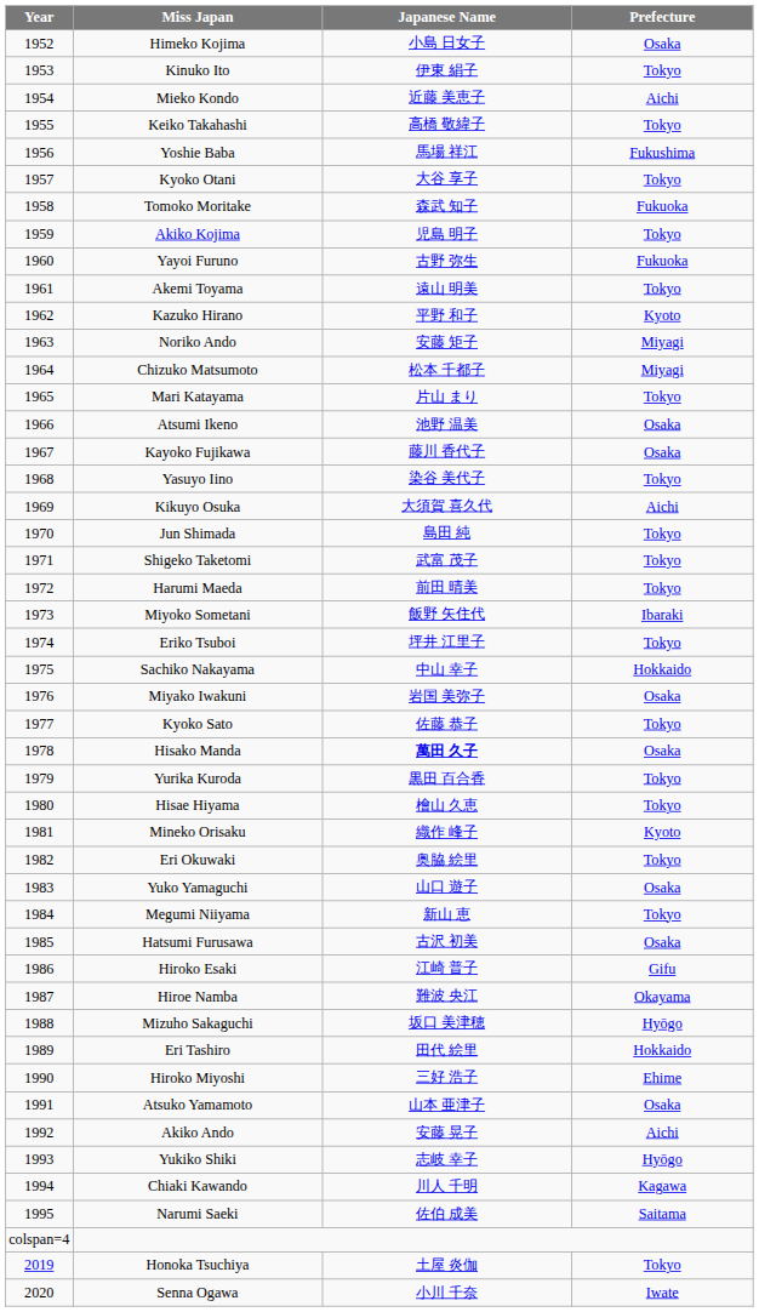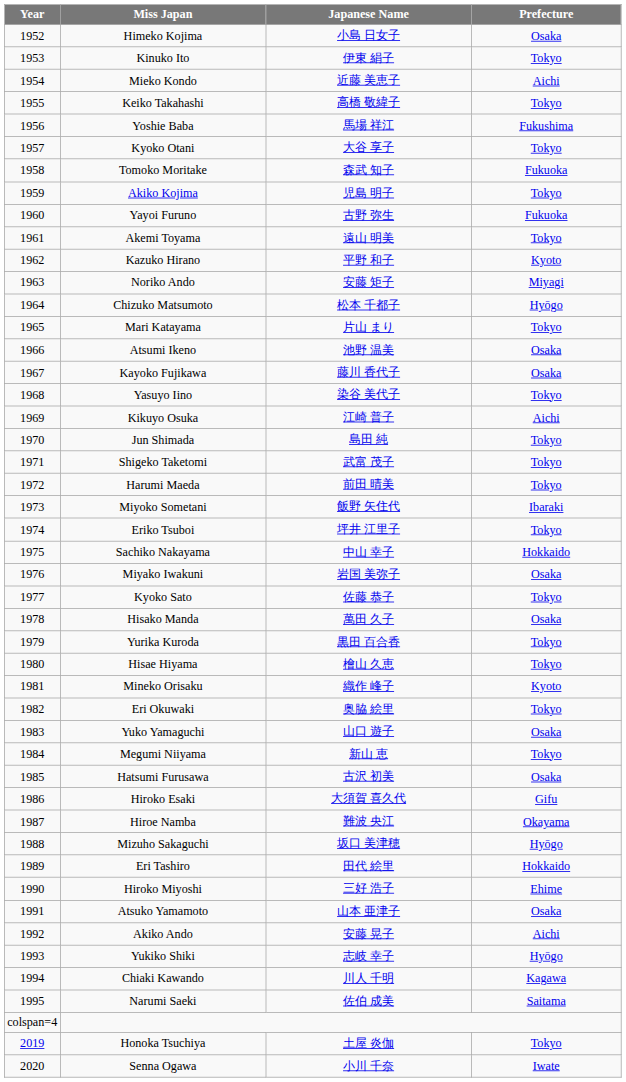 <table class="wikitable sortable" style="font-size: 95%; text-align:center">
 <tr>
 <th width="60" style="background-color:#787878;color:#FFFFFF;">Year</th>
 <th width="250" style="background-color:#787878;color:#FFFFFF;">Miss Japan</th>
 <th width="250" style="background-color:#787878;color:#FFFFFF;">Japanese Name</th>
 <th width="180" style="background-color:#787878;color:#FFFFFF;">Prefecture</th>
 </tr>
 <tr>
 <td>1952</td>
 <td>Himeko Kojima</td>
 <td><a href='#'>小島 日女子</a></td>
 <td><a href='#'>Osaka</a></td>
 </tr>
 <tr>
 <td>1953</td>
 <td>Kinuko Ito</td>
 <td><a href='#'>伊東 絹子</a></td>
 <td><a href='#'>Tokyo</a></td>
 </tr>
 <tr>
 <td>1954</td>
 <td>Mieko Kondo</td>
 <td><a href='#'>近藤 美恵子</a></td>
 <td><a href='#'>Aichi</a></td>
 </tr>
 <tr>
 <td>1955</td>
 <td>Keiko Takahashi</td>
 <td><a href='#'>高橋 敬緯子</a></td>
 <td><a href='#'>Tokyo</a></td>
 </tr>
 <tr>
 <td>1956</td>
 <td>Yoshie Baba</td>
 <td><a href='#'>馬場 祥江</a></td>
 <td><a href='#'>Fukushima</a></td>
 </tr>
 <tr>
 <td>1957</td>
 <td>Kyoko Otani</td>
 <td><a href='#'>大谷 享子</a></td>
 <td><a href='#'>Tokyo</a></td>
 </tr>
 <tr>
 <td>1958</td>
 <td>Tomoko Moritake</td>
 <td><a href='#'>森武 知子</a></td>
 <td><a href='#'>Fukuoka</a></td>
 </tr>
 <tr>
 <td>1959</td>
 <td><a href='#'>Akiko Kojima</a></td>
 <td><a href='#'>児島 明子</a></td>
 <td><a href='#'>Tokyo</a></td>
 </tr>
 <tr>
 <td>1960</td>
 <td>Yayoi Furuno</td>
 <td><a href='#'>古野 弥生</a></td>
 <td><a href='#'>Fukuoka</a></td>
 </tr>
 <tr>
 <td>1961</td>
 <td>Akemi Toyama</td>
 <td><a href='#'>遠山 明美</a></td>
 <td><a href='#'>Tokyo</a></td>
 </tr>
 <tr>
 <td>1962</td>
 <td>Kazuko Hirano</td>
 <td><a href='#'>平野 和子</a></td>
 <td><a href='#'>Kyoto</a></td>
 </tr>
 <tr>
 <td>1963</td>
 <td>Noriko Ando</td>
 <td><a href='#'>安藤 矩子</a></td>
 <td><a href='#'>Miyagi</a></td>
 </tr>
 <tr>
 <td>1964</td>
 <td>Chizuko Matsumoto</td>
 <td><a href='#'>松本 千都子</a></td>
-<td><a href='#'>Miyagi</a></td>
+<td><a href='#'>Hyōgo</a></td>
 </tr>
 <tr>
 <td>1965</td>
 <td>Mari Katayama</td>
 <td><a href='#'>片山 まり</a></td>
 <td><a href='#'>Tokyo</a></td>
 </tr>
 <tr>
 <td>1966</td>
 <td>Atsumi Ikeno</td>
 <td><a href='#'>池野 温美</a></td>
 <td><a href='#'>Osaka</a></td>
 </tr>
 <tr>
 <td>1967</td>
 <td>Kayoko Fujikawa</td>
 <td><a href='#'>藤川 香代子</a></td>
 <td><a href='#'>Osaka</a></td>
 </tr>
 <tr>
 <td>1968</td>
 <td>Yasuyo Iino</td>
 <td><a href='#'>染谷 美代子</a></td>
 <td><a href='#'>Tokyo</a></td>
 </tr>
 <tr>
 <td>1969</td>
 <td>Kikuyo Osuka</td>
-<td><a href='#'>大須賀 喜久代</a></td>
+<td><a href='#'>江崎 普子</a></td>
 <td><a href='#'>Aichi</a></td>
 </tr>
 <tr>
 <td>1970</td>
 <td>Jun Shimada</td>
 <td><a href='#'>島田 純</a></td>
 <td><a href='#'>Tokyo</a></td>
 </tr>
 <tr>
 <td>1971</td>
 <td>Shigeko Taketomi</td>
 <td><a href='#'>武富 茂子</a></td>
 <td><a href='#'>Tokyo</a></td>
 </tr>
 <tr>
 <td>1972</td>
 <td>Harumi Maeda</td>
 <td><a href='#'>前田 晴美</a></td>
 <td><a href='#'>Tokyo</a></td>
 </tr>
 <tr>
 <td>1973</td>
 <td>Miyoko Sometani</td>
 <td><a href='#'>飯野 矢住代</a></td>
 <td><a href='#'>Ibaraki</a></td>
 </tr>
 <tr>
 <td>1974</td>
 <td>Eriko Tsuboi</td>
 <td><a href='#'>坪井 江里子</a></td>
 <td><a href='#'>Tokyo</a></td>
 </tr>
 <tr>
 <td>1975</td>
 <td>Sachiko Nakayama</td>
 <td><a href='#'>中山 幸子</a></td>
 <td><a href='#'>Hokkaido</a></td>
 </tr>
 <tr>
 <td>1976</td>
 <td>Miyako Iwakuni</td>
 <td><a href='#'>岩国 美弥子</a></td>
 <td><a href='#'>Osaka</a></td>
 </tr>
 <tr>
 <td>1977</td>
 <td>Kyoko Sato</td>
 <td><a href='#'>佐藤 恭子</a></td>
 <td><a href='#'>Tokyo</a></td>
 </tr>
 <tr>
 <td>1978</td>
 <td>Hisako Manda</td>
-<td><strong><a href='#'>萬田 久子</a></strong></td>
+<td><a href='#'>萬田 久子</a></td>
 <td><a href='#'>Osaka</a></td>
 </tr>
 <tr>
 <td>1979</td>
 <td>Yurika Kuroda</td>
 <td><a href='#'>黒田 百合香</a></td>
 <td><a href='#'>Tokyo</a></td>
 </tr>
 <tr>
 <td>1980</td>
 <td>Hisae Hiyama</td>
 <td><a href='#'>檜山 久恵</a></td>
 <td><a href='#'>Tokyo</a></td>
 </tr>
 <tr>
 <td>1981</td>
 <td>Mineko Orisaku</td>
 <td><a href='#'>織作 峰子</a></td>
 <td><a href='#'>Kyoto</a></td>
 </tr>
 <tr>
 <td>1982</td>
 <td>Eri Okuwaki</td>
 <td><a href='#'>奥脇 絵里</a></td>
 <td><a href='#'>Tokyo</a></td>
 </tr>
 <tr>
 <td>1983</td>
 <td>Yuko Yamaguchi</td>
 <td><a href='#'>山口 遊子</a></td>
 <td><a href='#'>Osaka</a></td>
 </tr>
 <tr>
 <td>1984</td>
 <td>Megumi Niiyama</td>
 <td><a href='#'>新山 恵</a></td>
 <td><a href='#'>Tokyo</a></td>
 </tr>
 <tr>
 <td>1985</td>
 <td>Hatsumi Furusawa</td>
 <td><a href='#'>古沢 初美</a></td>
 <td><a href='#'>Osaka</a></td>
 </tr>
 <tr>
 <td>1986</td>
 <td>Hiroko Esaki</td>
-<td><a href='#'>江崎 普子</a></td>
+<td><a href='#'>大須賀 喜久代</a></td>
 <td><a href='#'>Gifu</a></td>
 </tr>
 <tr>
 <td>1987</td>
 <td>Hiroe Namba</td>
 <td><a href='#'>難波 央江</a></td>
 <td><a href='#'>Okayama</a></td>
 </tr>
 <tr>
 <td>1988</td>
 <td>Mizuho Sakaguchi</td>
 <td><a href='#'>坂口 美津穂</a></td>
 <td><a href='#'>Hyōgo</a></td>
 </tr>
 <tr>
 <td>1989</td>
 <td>Eri Tashiro</td>
 <td><a href='#'>田代 絵里</a></td>
 <td><a href='#'>Hokkaido</a></td>
 </tr>
 <tr>
 <td>1990</td>
 <td>Hiroko Miyoshi</td>
 <td><a href='#'>三好 浩子</a></td>
 <td><a href='#'>Ehime</a></td>
 </tr>
 <tr>
 <td>1991</td>
 <td>Atsuko Yamamoto</td>
 <td><a href='#'>山本 亜津子</a></td>
 <td><a href='#'>Osaka</a></td>
 </tr>
 <tr>
 <td>1992</td>
 <td>Akiko Ando</td>
 <td><a href='#'>安藤 晃子</a></td>
 <td><a href='#'>Aichi</a></td>
 </tr>
 <tr>
 <td>1993</td>
 <td>Yukiko Shiki</td>
 <td><a href='#'>志岐 幸子</a></td>
 <td><a href='#'>Hyōgo</a></td>
 </tr>
 <tr>
 <td>1994</td>
 <td>Chiaki Kawando</td>
 <td><a href='#'>川人 千明</a></td>
 <td><a href='#'>Kagawa</a></td>
 </tr>
 <tr>
 <td>1995</td>
 <td>Narumi Saeki</td>
 <td><a href='#'>佐伯 成美</a></td>
 <td><a href='#'>Saitama</a></td>
 </tr>
 <tr>
 <td>colspan=4 </td>
 </tr>
 <tr>
 <td><a href='#'>2019</a></td>
 <td>Honoka Tsuchiya</td>
 <td><a href='#'>土屋 炎伽</a></td>
 <td><a href='#'>Tokyo</a></td>
 </tr>
 <tr>
 <td>2020</td>
 <td>Senna Ogawa</td>
 <td><a href='#'>小川 千奈</a></td>
 <td><a href='#'>Iwate</a></td>
 </tr>
 </table>
